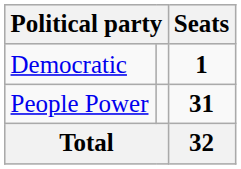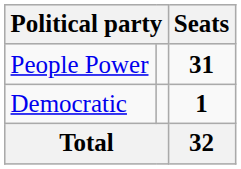 <table class="wikitable">
 <tr>
 <th colspan="2">Political party</th>
 <th>Seats</th>
+</tr>
+<tr>
+<td><a href='#'>People Power</a></td>
+<td style="background:"></td>
+<td style="text-align: center;"><strong>31</strong></td>
 </tr>
 <tr>
 <td><a href='#'>Democratic</a></td>
 <td style="background:"></td>
 <td style="text-align: center;"><strong>1</strong></td>
 </tr>
 <tr>
-<td><a href='#'>People Power</a></td>
-<td style="background:"></td>
-<td style="text-align: center;"><strong>31</strong></td>
-</tr>
-<tr>
 <th colspan="2">Total</th>
 <th>32</th>
 </tr>
 </table>
